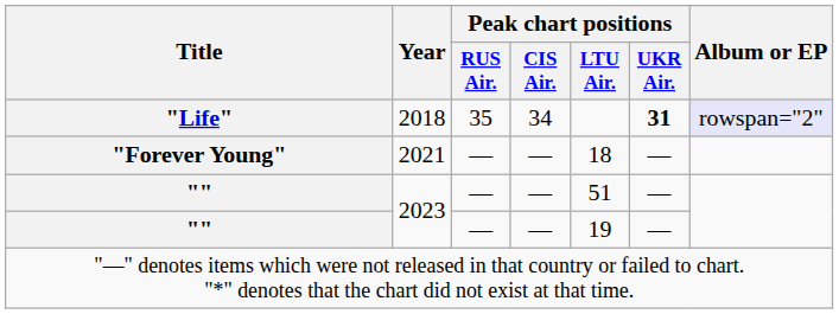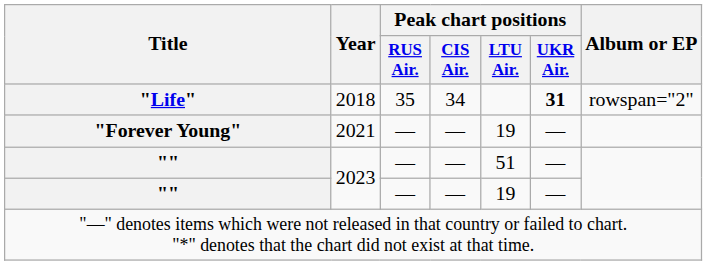 <table class="wikitable plainrowheaders" style="text-align:center;">
 <tr>
 <th rowspan="2" style="width:16em;">Title</th>
 <th rowspan="2" style="width:1em;">Year</th>
 <th colspan="4">Peak chart positions</th>
 <th rowspan="2">Album or EP</th>
 </tr>
 <tr>
 <th scope="col" style="width:2.5em;font-size:85%;"><a href='#'>RUS<br>Air.</a><br></th>
 <th scope="col" style="width:2.5em;font-size:85%;"><a href='#'>CIS<br>Air.</a><br></th>
 <th scope="col" style="width:2.5em;font-size:85%;"><a href='#'>LTU<br>Air.</a><br></th>
 <th scope="col" style="width:2.5em;font-size:85%;"><a href='#'>UKR<br>Air.</a><br></th>
 </tr>
 <tr>
 <th scope="row">"<a href='#'>Life</a>" </th>
 <td>2018</td>
 <td>35</td>
 <td>34</td>
 <td></td>
 <td><strong>31</strong></td>
-<td style="background: lavender;">rowspan="2" </td>
+<td>rowspan="2" </td>
 </tr>
 <tr>
 <th scope="row">"Forever Young" <br></th>
 <td>2021</td>
 <td>—</td>
 <td>—</td>
-<td>18</td>
+<td>19</td>
 <td>—</td>
 </tr>
 <tr>
 <th scope="row">""</th>
 <td rowspan="2">2023</td>
 <td>—</td>
 <td>—</td>
 <td>51</td>
 <td>—</td>
 <td rowspan="2"></td>
 </tr>
 <tr>
 <th scope="row">""</th>
 <td>—</td>
 <td>—</td>
 <td>19</td>
 <td>—</td>
 </tr>
 <tr>
 <td colspan="7" style="font-size:90%;">"—" denotes items which were not released in that country or failed to chart.<br>"*" denotes that the chart did not exist at that time.</td>
 </tr>
 </table>
